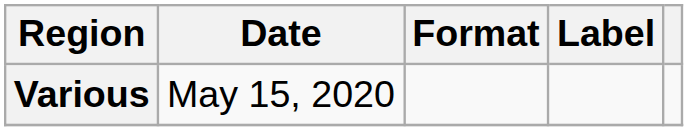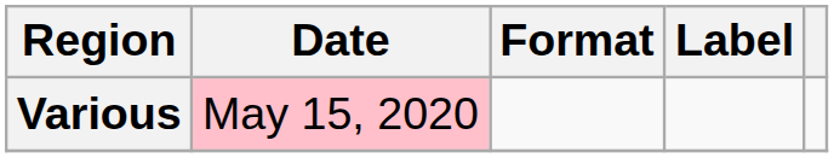 <table class="wikitable plainrowheaders">
 <tr>
 <th>Region</th>
 <th>Date</th>
 <th>Format</th>
 <th>Label</th>
 <th></th>
 </tr>
 <tr>
 <th scope="row">Various</th>
-<td>May 15, 2020</td>
+<td style="background: pink;">May 15, 2020</td>
 <td></td>
 <td></td>
 <td style="text-align:center;"></td>
 </tr>
 <tr>
 </tr>
 </table>
